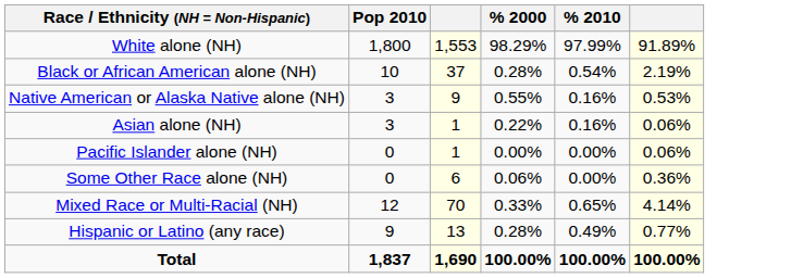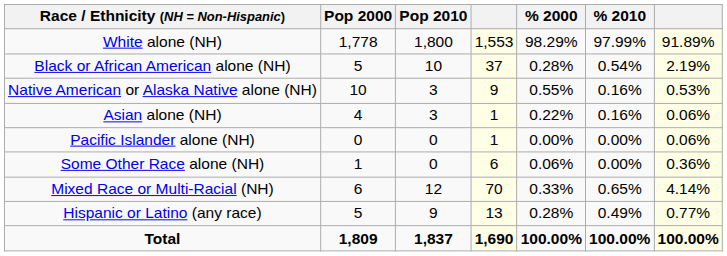 <table class="wikitable" style="text-align:center;">
 <tr>
 <th>Race / Ethnicity <small>(<em>NH = Non-Hispanic</em>)</small></th>
+<th>Pop 2000</th>
 <th>Pop 2010</th>
 <th></th>
 <th>% 2000</th>
 <th>% 2010</th>
 <th></th>
 </tr>
 <tr>
 <td><a href='#'>White</a> alone (NH)</td>
+<td>1,778</td>
 <td>1,800</td>
 <td style='background: #ffffe6;'>1,553</td>
 <td>98.29%</td>
 <td>97.99%</td>
 <td style='background: #ffffe6;'>91.89%</td>
 </tr>
 <tr>
 <td><a href='#'>Black or African American</a> alone (NH)</td>
+<td>5</td>
 <td>10</td>
 <td style='background: #ffffe6;'>37</td>
 <td>0.28%</td>
 <td>0.54%</td>
 <td style='background: #ffffe6;'>2.19%</td>
 </tr>
 <tr>
 <td><a href='#'>Native American</a> or <a href='#'>Alaska Native</a> alone (NH)</td>
+<td>10</td>
 <td>3</td>
 <td style='background: #ffffe6;'>9</td>
 <td>0.55%</td>
 <td>0.16%</td>
 <td style='background: #ffffe6;'>0.53%</td>
 </tr>
 <tr>
 <td><a href='#'>Asian</a> alone (NH)</td>
+<td>4</td>
 <td>3</td>
 <td style='background: #ffffe6;'>1</td>
 <td>0.22%</td>
 <td>0.16%</td>
 <td style='background: #ffffe6;'>0.06%</td>
 </tr>
 <tr>
 <td><a href='#'>Pacific Islander</a> alone (NH)</td>
 <td>0</td>
+<td>0</td>
 <td style='background: #ffffe6;'>1</td>
 <td>0.00%</td>
 <td>0.00%</td>
 <td style='background: #ffffe6;'>0.06%</td>
 </tr>
 <tr>
 <td><a href='#'>Some Other Race</a> alone (NH)</td>
+<td>1</td>
 <td>0</td>
 <td style='background: #ffffe6;'>6</td>
 <td>0.06%</td>
 <td>0.00%</td>
 <td style='background: #ffffe6;'>0.36%</td>
 </tr>
 <tr>
 <td><a href='#'>Mixed Race or Multi-Racial</a> (NH)</td>
+<td>6</td>
 <td>12</td>
 <td style='background: #ffffe6;'>70</td>
 <td>0.33%</td>
 <td>0.65%</td>
 <td style='background: #ffffe6;'>4.14%</td>
 </tr>
 <tr>
 <td><a href='#'>Hispanic or Latino</a> (any race)</td>
+<td>5</td>
 <td>9</td>
 <td style='background: #ffffe6;'>13</td>
 <td>0.28%</td>
 <td>0.49%</td>
 <td style='background: #ffffe6;'>0.77%</td>
 </tr>
 <tr>
 <td><strong>Total</strong></td>
+<td><strong>1,809</strong></td>
 <td><strong>1,837</strong></td>
 <td style='background: #ffffe6;'><strong>1,690</strong></td>
 <td><strong>100.00%</strong></td>
 <td><strong>100.00%</strong></td>
 <td style='background: #ffffe6;'><strong>100.00%</strong></td>
 </tr>
 </table>
